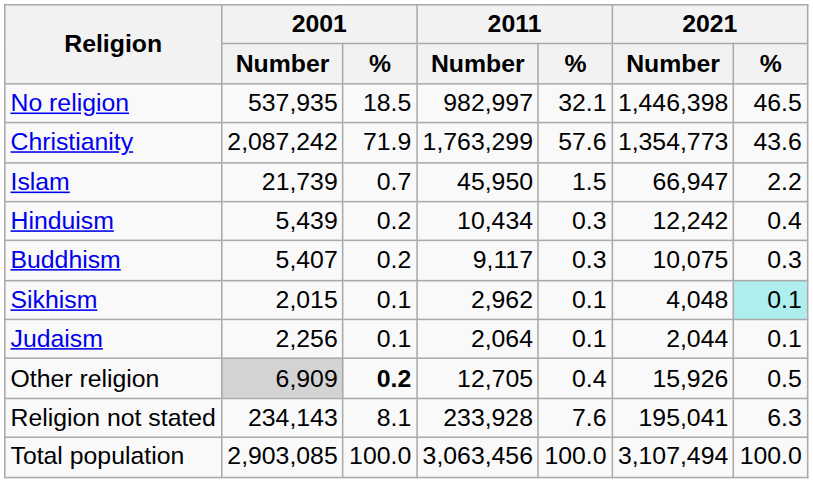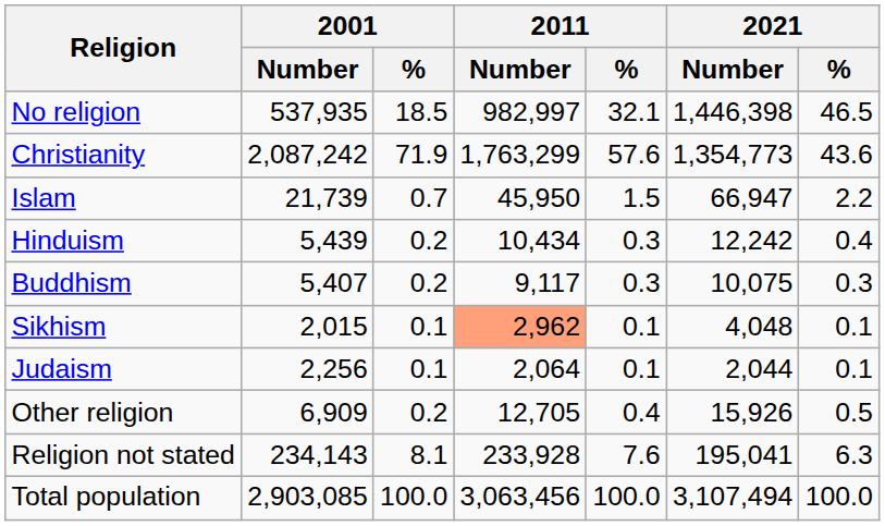 <table class="wikitable sortable">
 <tr>
 <th rowspan="2">Religion</th>
 <th colspan="2">2001</th>
 <th colspan="2">2011</th>
 <th colspan="2">2021</th>
 </tr>
 <tr>
 <th>Number</th>
 <th>%</th>
 <th>Number</th>
 <th>%</th>
 <th>Number</th>
 <th>%</th>
 </tr>
 <tr>
 <td><a href='#'>No religion</a></td>
 <td align=right>537,935</td>
 <td align=right>18.5</td>
 <td align=right>982,997</td>
 <td align=right>32.1</td>
 <td align=right>1,446,398</td>
 <td align=right>46.5</td>
 </tr>
 <tr>
 <td><a href='#'>Christianity</a></td>
 <td align=right>2,087,242</td>
 <td align=right>71.9</td>
 <td align=right>1,763,299</td>
 <td align=right>57.6</td>
 <td align=right>1,354,773</td>
 <td align=right>43.6</td>
 </tr>
 <tr>
 <td><a href='#'>Islam</a></td>
 <td align=right>21,739</td>
 <td align=right>0.7</td>
 <td align=right>45,950</td>
 <td align=right>1.5</td>
 <td align=right>66,947</td>
 <td align=right>2.2</td>
 </tr>
 <tr>
 <td><a href='#'>Hinduism</a></td>
 <td align=right>5,439</td>
 <td align=right>0.2</td>
 <td align=right>10,434</td>
 <td align=right>0.3</td>
 <td align=right>12,242</td>
 <td align=right>0.4</td>
 </tr>
 <tr>
 <td><a href='#'>Buddhism</a></td>
 <td align=right>5,407</td>
 <td align=right>0.2</td>
 <td align=right>9,117</td>
 <td align=right>0.3</td>
 <td align=right>10,075</td>
 <td align=right>0.3</td>
 </tr>
 <tr>
 <td><a href='#'>Sikhism</a></td>
 <td align=right>2,015</td>
 <td align=right>0.1</td>
-<td align=right>2,962</td>
+<td align=right style="background: lightsalmon;">2,962</td>
 <td align=right>0.1</td>
 <td align=right>4,048</td>
-<td align=right style="background: paleturquoise;">0.1</td>
+<td align=right>0.1</td>
 </tr>
 <tr>
 <td><a href='#'>Judaism</a></td>
 <td align=right>2,256</td>
 <td align=right>0.1</td>
 <td align=right>2,064</td>
 <td align=right>0.1</td>
 <td align=right>2,044</td>
 <td align=right>0.1</td>
 </tr>
 <tr>
 <td>Other religion</td>
-<td align=right style="background: lightgrey;">6,909</td>
-<td align=right><strong>0.2</strong></td>
+<td align=right>6,909</td>
+<td align=right>0.2</td>
 <td align=right>12,705</td>
 <td align=right>0.4</td>
 <td align=right>15,926</td>
 <td align=right>0.5</td>
 </tr>
 <tr>
 <td>Religion not stated</td>
 <td align=right>234,143</td>
 <td align=right>8.1</td>
 <td align=right>233,928</td>
 <td align=right>7.6</td>
 <td align=right>195,041</td>
 <td align=right>6.3</td>
 </tr>
 <tr>
 <td>Total population</td>
 <td align=right>2,903,085</td>
 <td align=right>100.0</td>
 <td align=right>3,063,456</td>
 <td align=right>100.0</td>
 <td align=right>3,107,494</td>
 <td align=right>100.0</td>
 </tr>
 </table>
